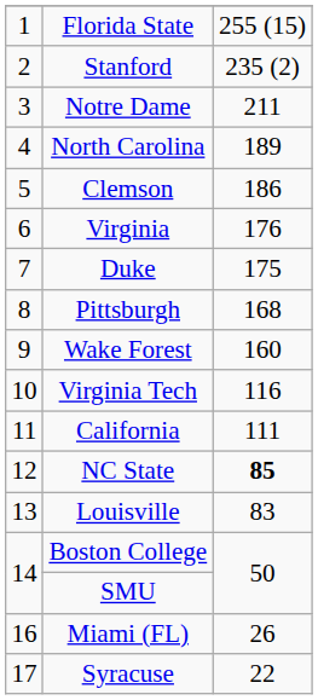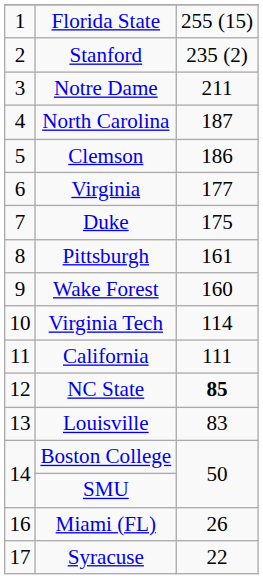 <table class="wikitable" style="display: inline-table;">
 <tr align="center">
 </tr>
 <tr align="center">
 <td>1</td>
 <td><a href='#'>Florida State</a></td>
 <td>255 (15)</td>
 </tr>
 <tr align="center">
 <td>2</td>
 <td><a href='#'>Stanford</a></td>
 <td>235 (2)</td>
 </tr>
 <tr align="center">
 <td>3</td>
 <td><a href='#'>Notre Dame</a></td>
 <td>211</td>
 </tr>
 <tr align="center">
 <td>4</td>
 <td><a href='#'>North Carolina</a></td>
-<td>189</td>
+<td>187</td>
 </tr>
 <tr align="center">
 <td>5</td>
 <td><a href='#'>Clemson</a></td>
 <td>186</td>
 </tr>
 <tr align="center">
 <td>6</td>
 <td><a href='#'>Virginia</a></td>
-<td>176</td>
+<td>177</td>
 </tr>
 <tr align="center">
 <td>7</td>
 <td><a href='#'>Duke</a></td>
 <td>175</td>
 </tr>
 <tr align="center">
 <td>8</td>
 <td><a href='#'>Pittsburgh</a></td>
-<td>168</td>
+<td>161</td>
 </tr>
 <tr align="center">
 <td>9</td>
 <td><a href='#'>Wake Forest</a></td>
 <td>160</td>
 </tr>
 <tr align="center">
 <td>10</td>
 <td><a href='#'>Virginia Tech</a></td>
-<td>116</td>
+<td>114</td>
 </tr>
 <tr align="center">
 <td>11</td>
 <td><a href='#'>California</a></td>
 <td>111</td>
 </tr>
 <tr align="center">
 <td>12</td>
 <td><a href='#'>NC State</a></td>
 <td><strong>85</strong></td>
 </tr>
 <tr align="center">
 <td>13</td>
 <td><a href='#'>Louisville</a></td>
 <td>83</td>
 </tr>
 <tr align="center">
 <td rowspan=2>14</td>
 <td><a href='#'>Boston College</a></td>
 <td rowspan=2>50</td>
 </tr>
 <tr align="center">
 <td><a href='#'>SMU</a></td>
 </tr>
 <tr align="center">
 <td>16</td>
 <td><a href='#'>Miami (FL)</a></td>
 <td>26</td>
 </tr>
 <tr align="center">
 <td>17</td>
 <td><a href='#'>Syracuse</a></td>
 <td>22</td>
 </tr>
 </table>
